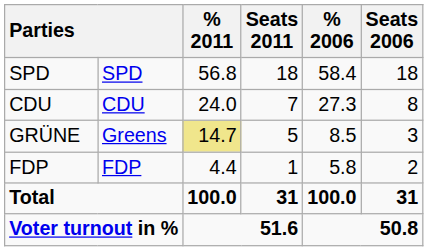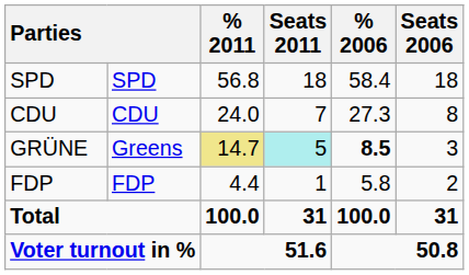 <table class="wikitable">
 <tr class="hintergrundfarbe5">
 <th colspan="2" style="text-align:left;">Parties</th>
 <th>%<br>2011</th>
 <th>Seats<br>2011</th>
 <th>%<br>2006</th>
 <th>Seats<br>2006</th>
 </tr>
 <tr>
 <td>SPD</td>
 <td><a href='#'>SPD</a></td>
 <td align="right">56.8</td>
 <td align="right">18</td>
 <td align="right">58.4</td>
 <td align="right">18</td>
 </tr>
 <tr>
 <td>CDU</td>
 <td><a href='#'>CDU</a></td>
 <td align="right">24.0</td>
 <td align="right">7</td>
 <td align="right">27.3</td>
 <td align="right">8</td>
 </tr>
 <tr>
 <td>GRÜNE</td>
 <td><a href='#'>Greens</a></td>
 <td align="right" style="background: khaki;">14.7</td>
-<td align="right">5</td>
-<td align="right">8.5</td>
+<td align="right" style="background: paleturquoise;">5</td>
+<td align="right"><strong>8.5</strong></td>
 <td align="right">3</td>
 </tr>
 <tr>
 <td>FDP</td>
 <td><a href='#'>FDP</a></td>
 <td align="right">4.4</td>
 <td align="right">1</td>
 <td align="right">5.8</td>
 <td align="right">2</td>
 </tr>
 <tr -- class="hintergrundfarbe5">
 <td colspan="2"><strong>Total</strong></td>
 <td align="right"><strong>100.0</strong></td>
 <td align="right"><strong>31</strong></td>
 <td align="right"><strong>100.0</strong></td>
 <td align="right"><strong>31</strong></td>
 </tr>
 <tr -- class="hintergrundfarbe5">
 <td colspan="2"><strong><a href='#'>Voter turnout</a> in %</strong></td>
 <td colspan="2" align="right"><strong>51.6</strong></td>
 <td colspan="2" align="right"><strong>50.8</strong></td>
 </tr>
 </table>
